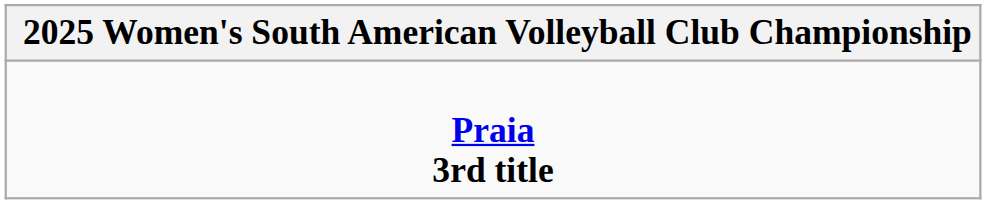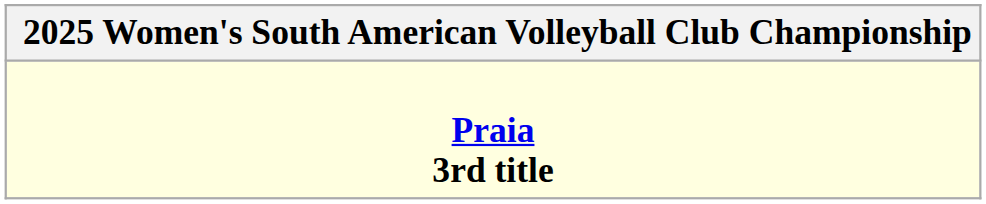 <table class="wikitable" style="text-align: center; margin: 0 auto;">
 <tr>
 <th> 2025 Women's South American Volleyball Club Championship<br></th>
 </tr>
 <tr>
-<td><br><strong><a href='#'>Praia</a></strong><br><strong>3rd title</strong></td>
+<td style="background: lightyellow;"><br><strong><a href='#'>Praia</a></strong><br><strong>3rd title</strong></td>
 </tr>
 </table>
